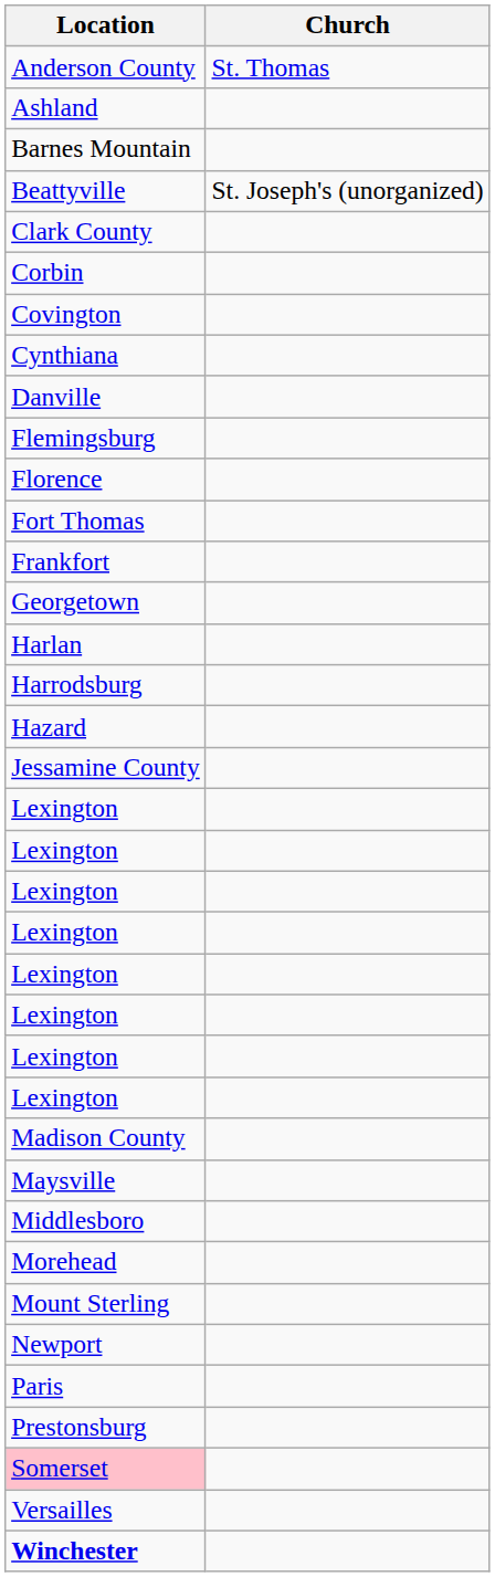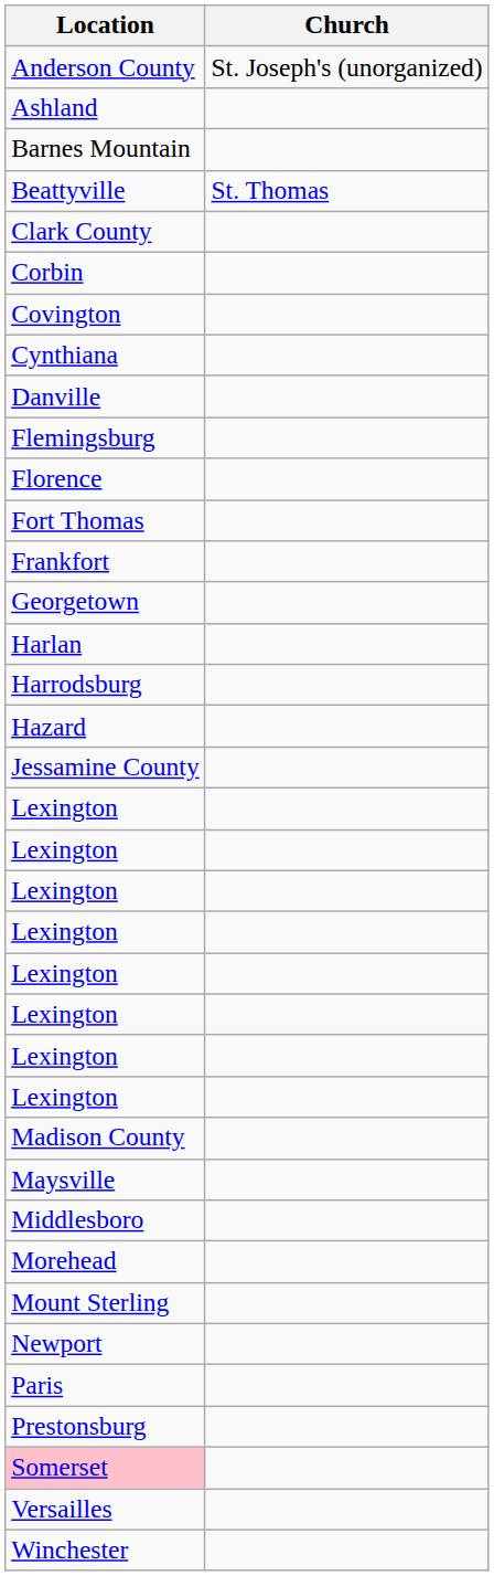 <table class="wikitable sortable">
 <tr>
 <th>Location</th>
 <th>Church</th>
 </tr>
 <tr>
 <td><a href='#'>Anderson County</a></td>
-<td><a href='#'>St. Thomas</a></td>
+<td>St. Joseph's (unorganized)</td>
 </tr>
 <tr>
 <td><a href='#'>Ashland</a></td>
 <td></td>
 </tr>
 <tr>
 <td>Barnes Mountain</td>
 <td></td>
 </tr>
 <tr>
 <td><a href='#'>Beattyville</a></td>
-<td>St. Joseph's (unorganized)</td>
+<td><a href='#'>St. Thomas</a></td>
 </tr>
 <tr>
 <td><a href='#'>Clark County</a></td>
 <td></td>
 </tr>
 <tr>
 <td><a href='#'>Corbin</a></td>
 <td></td>
 </tr>
 <tr>
 <td><a href='#'>Covington</a></td>
 <td></td>
 </tr>
 <tr>
 <td><a href='#'>Cynthiana</a></td>
 <td></td>
 </tr>
 <tr>
 <td><a href='#'>Danville</a></td>
 <td></td>
 </tr>
 <tr>
 <td><a href='#'>Flemingsburg</a></td>
 <td></td>
 </tr>
 <tr>
 <td><a href='#'>Florence</a></td>
 <td></td>
 </tr>
 <tr>
 <td><a href='#'>Fort Thomas</a></td>
 <td></td>
 </tr>
 <tr>
 <td><a href='#'>Frankfort</a></td>
 <td></td>
 </tr>
 <tr>
 <td><a href='#'>Georgetown</a></td>
 <td></td>
 </tr>
 <tr>
 <td><a href='#'>Harlan</a></td>
 <td></td>
 </tr>
 <tr>
 <td><a href='#'>Harrodsburg</a></td>
 <td></td>
 </tr>
 <tr>
 <td><a href='#'>Hazard</a></td>
 <td></td>
 </tr>
 <tr>
 <td><a href='#'>Jessamine County</a></td>
 <td></td>
 </tr>
 <tr>
 <td><a href='#'>Lexington</a></td>
 <td></td>
 </tr>
 <tr>
 <td><a href='#'>Lexington</a></td>
 <td></td>
 </tr>
 <tr>
 <td><a href='#'>Lexington</a></td>
 <td></td>
 </tr>
 <tr>
 <td><a href='#'>Lexington</a></td>
 <td></td>
 </tr>
 <tr>
 <td><a href='#'>Lexington</a></td>
 <td></td>
 </tr>
 <tr>
 <td><a href='#'>Lexington</a></td>
 <td></td>
 </tr>
 <tr>
 <td><a href='#'>Lexington</a></td>
 <td></td>
 </tr>
 <tr>
 <td><a href='#'>Lexington</a></td>
 <td></td>
 </tr>
 <tr>
 <td><a href='#'>Madison County</a></td>
 <td></td>
 </tr>
 <tr>
 <td><a href='#'>Maysville</a></td>
 <td></td>
 </tr>
 <tr>
 <td><a href='#'>Middlesboro</a></td>
 <td></td>
 </tr>
 <tr>
 <td><a href='#'>Morehead</a></td>
 <td></td>
 </tr>
 <tr>
 <td><a href='#'>Mount Sterling</a></td>
 <td></td>
 </tr>
 <tr>
 <td><a href='#'>Newport</a></td>
 <td></td>
 </tr>
 <tr>
 <td><a href='#'>Paris</a></td>
 <td></td>
 </tr>
 <tr>
 <td><a href='#'>Prestonsburg</a></td>
 <td></td>
 </tr>
 <tr>
 <td style="background: pink;"><a href='#'>Somerset</a></td>
 <td></td>
 </tr>
 <tr>
 <td><a href='#'>Versailles</a></td>
 <td></td>
 </tr>
 <tr>
-<td><strong><a href='#'>Winchester</a></strong></td>
+<td><a href='#'>Winchester</a></td>
 <td></td>
 </tr>
 </table>
